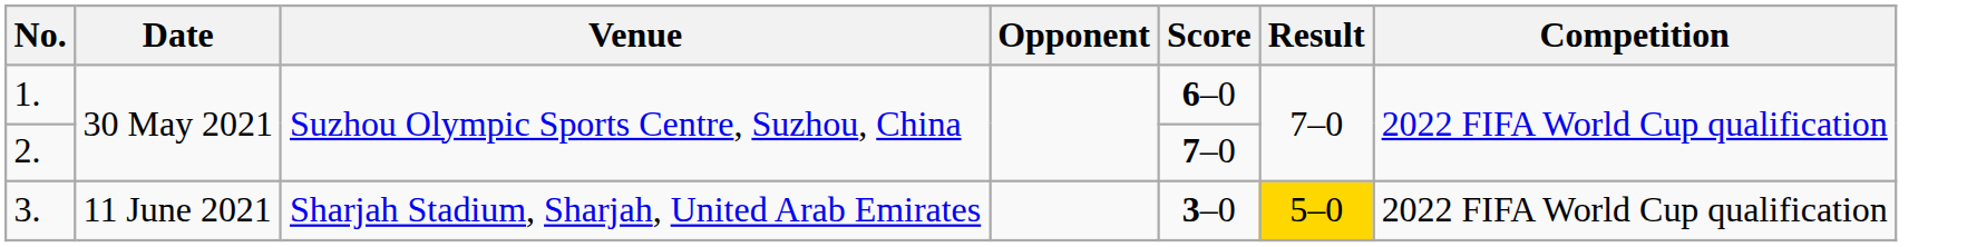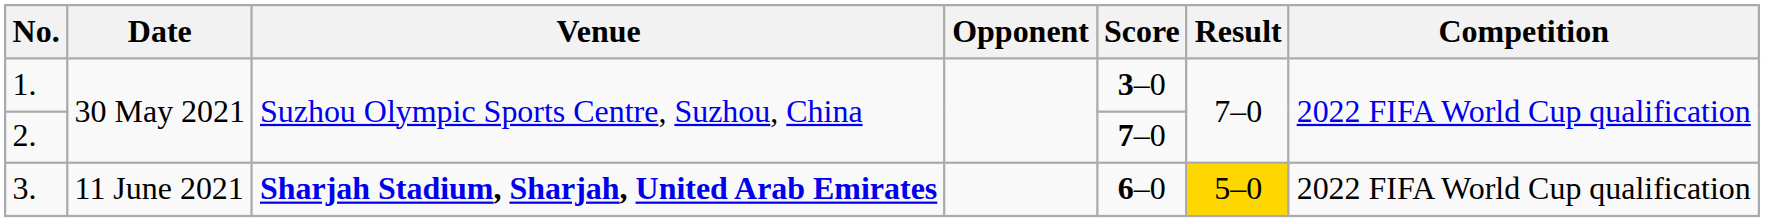 <table class="wikitable" style="font-size:90%">
 <tr>
 <th>No.</th>
 <th>Date</th>
 <th>Venue</th>
 <th>Opponent</th>
 <th>Score</th>
 <th>Result</th>
 <th>Competition</th>
 </tr>
 <tr>
 <td>1.</td>
 <td rowspan=2>30 May 2021</td>
 <td rowspan=2><a href='#'>Suzhou Olympic Sports Centre</a>, <a href='#'>Suzhou</a>, <a href='#'>China</a></td>
 <td rowspan=2></td>
-<td align=center><strong>6</strong>–0</td>
+<td align=center><strong>3</strong>–0</td>
 <td rowspan=2 align=center>7–0</td>
 <td rowspan=2><a href='#'>2022 FIFA World Cup qualification</a></td>
 </tr>
 <tr>
 <td>2.</td>
 <td align=center><strong>7</strong>–0</td>
 </tr>
 <tr>
 <td>3.</td>
 <td>11 June 2021</td>
-<td><a href='#'>Sharjah Stadium</a>, <a href='#'>Sharjah</a>, <a href='#'>United Arab Emirates</a></td>
+<td><strong><a href='#'>Sharjah Stadium</a>, <a href='#'>Sharjah</a>, <a href='#'>United Arab Emirates</a></strong></td>
 <td></td>
-<td align=center><strong>3</strong>–0</td>
+<td align=center><strong>6</strong>–0</td>
 <td align=center style="background: gold;">5–0</td>
 <td>2022 FIFA World Cup qualification</td>
 </tr>
 </table>
